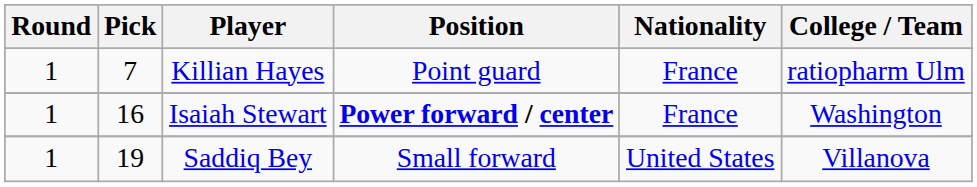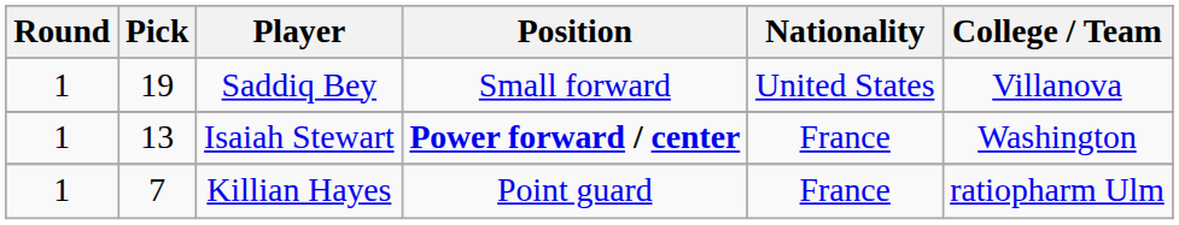 <table class="wikitable sortable sortable">
 <tr>
 <th>Round</th>
 <th>Pick</th>
 <th>Player</th>
 <th>Position</th>
 <th>Nationality</th>
 <th>College / Team</th>
 </tr>
 <tr style="text-align: center">
 <td>1</td>
-<td>7</td>
-<td><a href='#'>Killian Hayes</a></td>
-<td><a href='#'>Point guard</a></td>
-<td> <a href='#'>France</a></td>
-<td><a href='#'>ratiopharm Ulm</a></td>
+<td>19</td>
+<td><a href='#'>Saddiq Bey</a></td>
+<td><a href='#'>Small forward</a></td>
+<td> <a href='#'>United States</a></td>
+<td><a href='#'>Villanova</a></td>
 </tr>
 <tr>
 </tr>
 <tr style="text-align: center">
 <td>1</td>
-<td>16</td>
+<td>13</td>
 <td><a href='#'>Isaiah Stewart</a></td>
 <td><strong><a href='#'>Power forward</a> / <a href='#'>center</a></strong></td>
 <td> <a href='#'>France</a></td>
 <td><a href='#'>Washington</a></td>
 </tr>
 <tr>
 </tr>
 <tr style="text-align: center">
 <td>1</td>
-<td>19</td>
-<td><a href='#'>Saddiq Bey</a></td>
-<td><a href='#'>Small forward</a></td>
-<td> <a href='#'>United States</a></td>
-<td><a href='#'>Villanova</a></td>
+<td>7</td>
+<td><a href='#'>Killian Hayes</a></td>
+<td><a href='#'>Point guard</a></td>
+<td> <a href='#'>France</a></td>
+<td><a href='#'>ratiopharm Ulm</a></td>
 </tr>
 </table>
